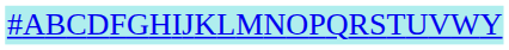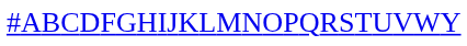 <table id="toc" class="toc" summary="Class">
 <tr>
 <th></th>
 </tr>
 <tr>
-<td style="background: paleturquoise; text-align:center;"><a href='#'>#</a><a href='#'>A</a><a href='#'>B</a><a href='#'>C</a><a href='#'>D</a><a href='#'>F</a><a href='#'>G</a><a href='#'>H</a><a href='#'>I</a><a href='#'>J</a><a href='#'>K</a><a href='#'>L</a><a href='#'>M</a><a href='#'>N</a><a href='#'>O</a><a href='#'>P</a><a href='#'>Q</a><a href='#'>R</a><a href='#'>S</a><a href='#'>T</a><a href='#'>U</a><a href='#'>V</a><a href='#'>W</a><a href='#'>Y</a></td>
+<td style="text-align:center;"><a href='#'>#</a><a href='#'>A</a><a href='#'>B</a><a href='#'>C</a><a href='#'>D</a><a href='#'>F</a><a href='#'>G</a><a href='#'>H</a><a href='#'>I</a><a href='#'>J</a><a href='#'>K</a><a href='#'>L</a><a href='#'>M</a><a href='#'>N</a><a href='#'>O</a><a href='#'>P</a><a href='#'>Q</a><a href='#'>R</a><a href='#'>S</a><a href='#'>T</a><a href='#'>U</a><a href='#'>V</a><a href='#'>W</a><a href='#'>Y</a></td>
 </tr>
 </table>
